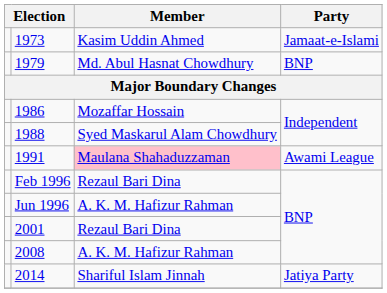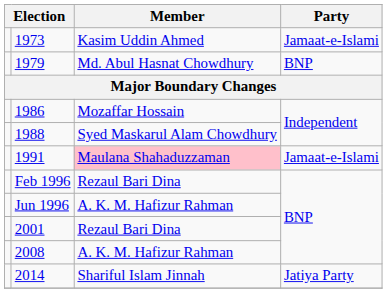 <table class="wikitable">
 <tr>
 <th colspan="2">Election</th>
 <th>Member</th>
 <th>Party</th>
 </tr>
 <tr>
 <td style="background-color:"></td>
 <td><a href='#'>1973</a></td>
 <td><a href='#'>Kasim Uddin Ahmed</a></td>
 <td><a href='#'>Jamaat-e-Islami</a></td>
 </tr>
 <tr>
 <td style="background-color:"></td>
 <td><a href='#'>1979</a></td>
 <td><a href='#'>Md. Abul Hasnat Chowdhury</a></td>
 <td><a href='#'>BNP</a></td>
 </tr>
 <tr>
 <th colspan="4">Major Boundary Changes</th>
 </tr>
 <tr>
 <td style="background-color:"></td>
 <td><a href='#'>1986</a></td>
 <td><a href='#'>Mozaffar Hossain</a></td>
 <td rowspan="2"><a href='#'>Independent</a></td>
 </tr>
 <tr>
 <td style="background-color:"></td>
 <td><a href='#'>1988</a></td>
 <td><a href='#'>Syed Maskarul Alam Chowdhury</a></td>
 </tr>
 <tr>
 <td style="background-color:"></td>
 <td><a href='#'>1991</a></td>
 <td style="background: pink;"><a href='#'>Maulana Shahaduzzaman</a></td>
-<td><a href='#'>Awami League</a></td>
+<td><a href='#'>Jamaat-e-Islami</a></td>
 </tr>
 <tr>
 <td style="background-color:"></td>
 <td><a href='#'>Feb 1996</a></td>
 <td><a href='#'>Rezaul Bari Dina</a></td>
 <td rowspan="4"><a href='#'>BNP</a></td>
 </tr>
 <tr>
 <td style="background-color:"></td>
 <td><a href='#'>Jun 1996</a></td>
 <td><a href='#'>A. K. M. Hafizur Rahman</a></td>
 </tr>
 <tr>
 <td style="background-color:"></td>
 <td><a href='#'>2001</a></td>
 <td><a href='#'>Rezaul Bari Dina</a></td>
 </tr>
 <tr>
 <td style="background-color:"></td>
 <td><a href='#'>2008</a></td>
 <td><a href='#'>A. K. M. Hafizur Rahman</a></td>
 </tr>
 <tr>
 <td style="background-color:"></td>
 <td><a href='#'>2014</a></td>
 <td><a href='#'>Shariful Islam Jinnah</a></td>
 <td><a href='#'>Jatiya Party</a></td>
 </tr>
 <tr>
 </tr>
 </table>
